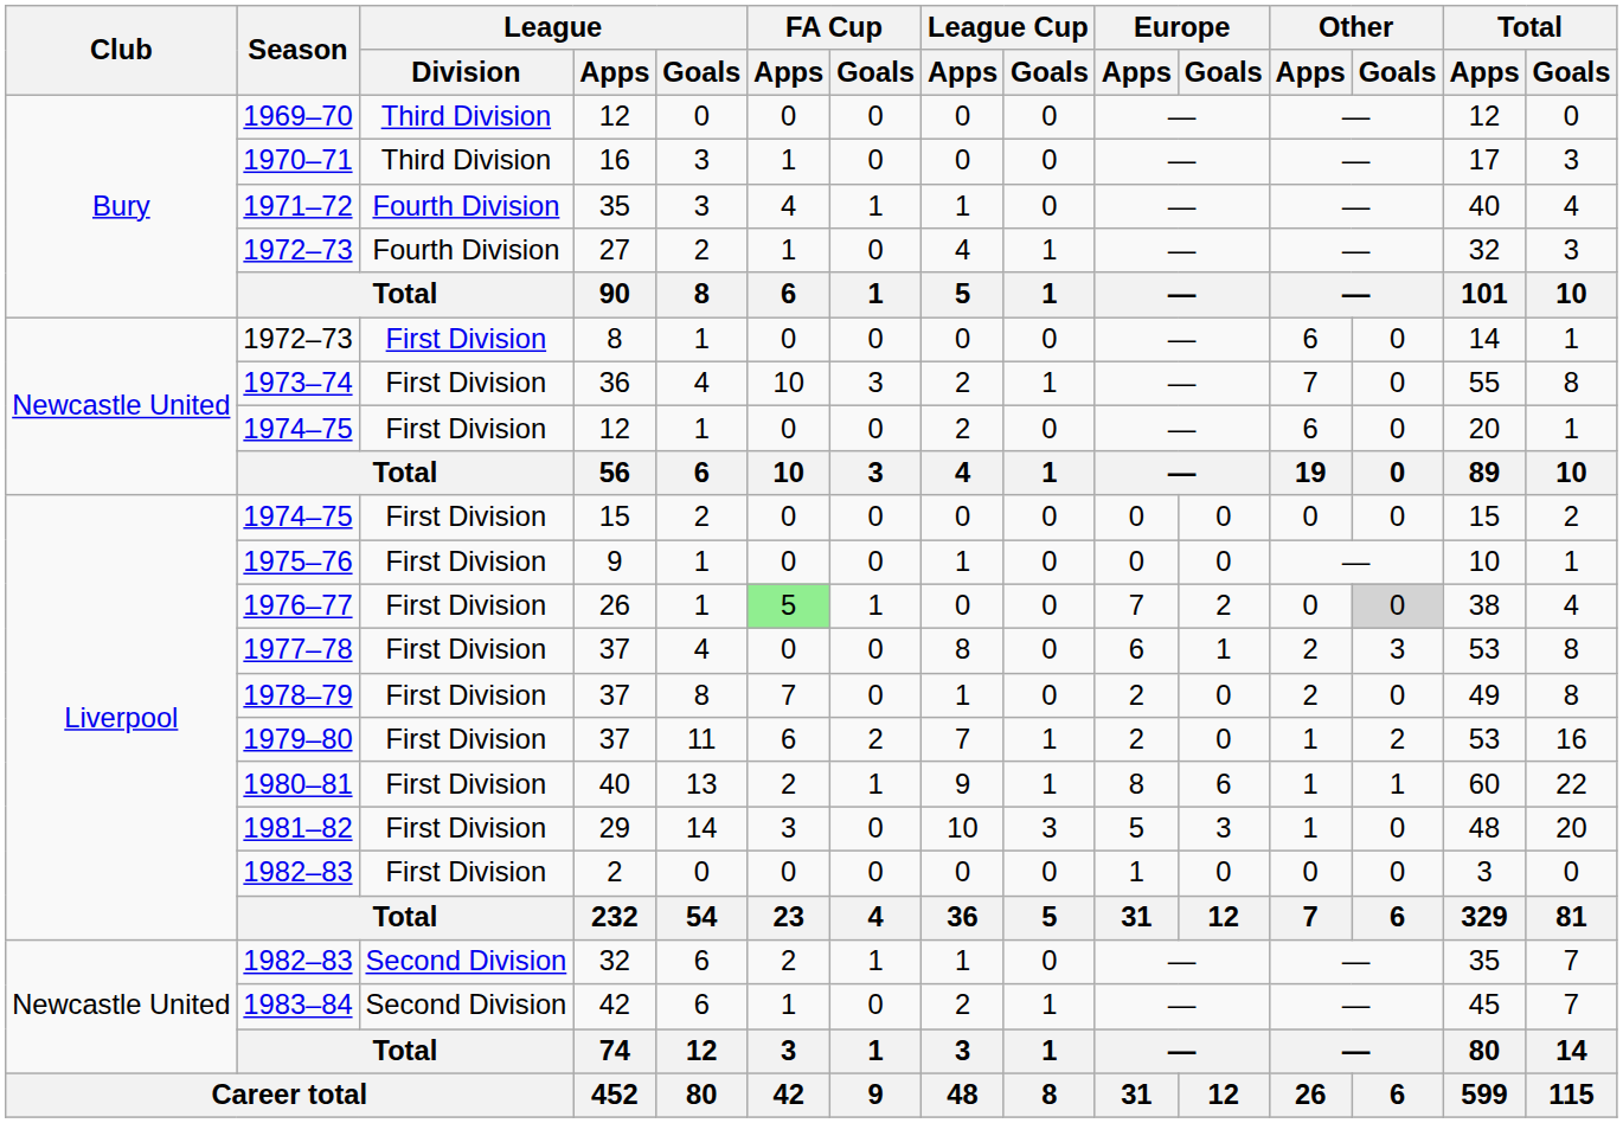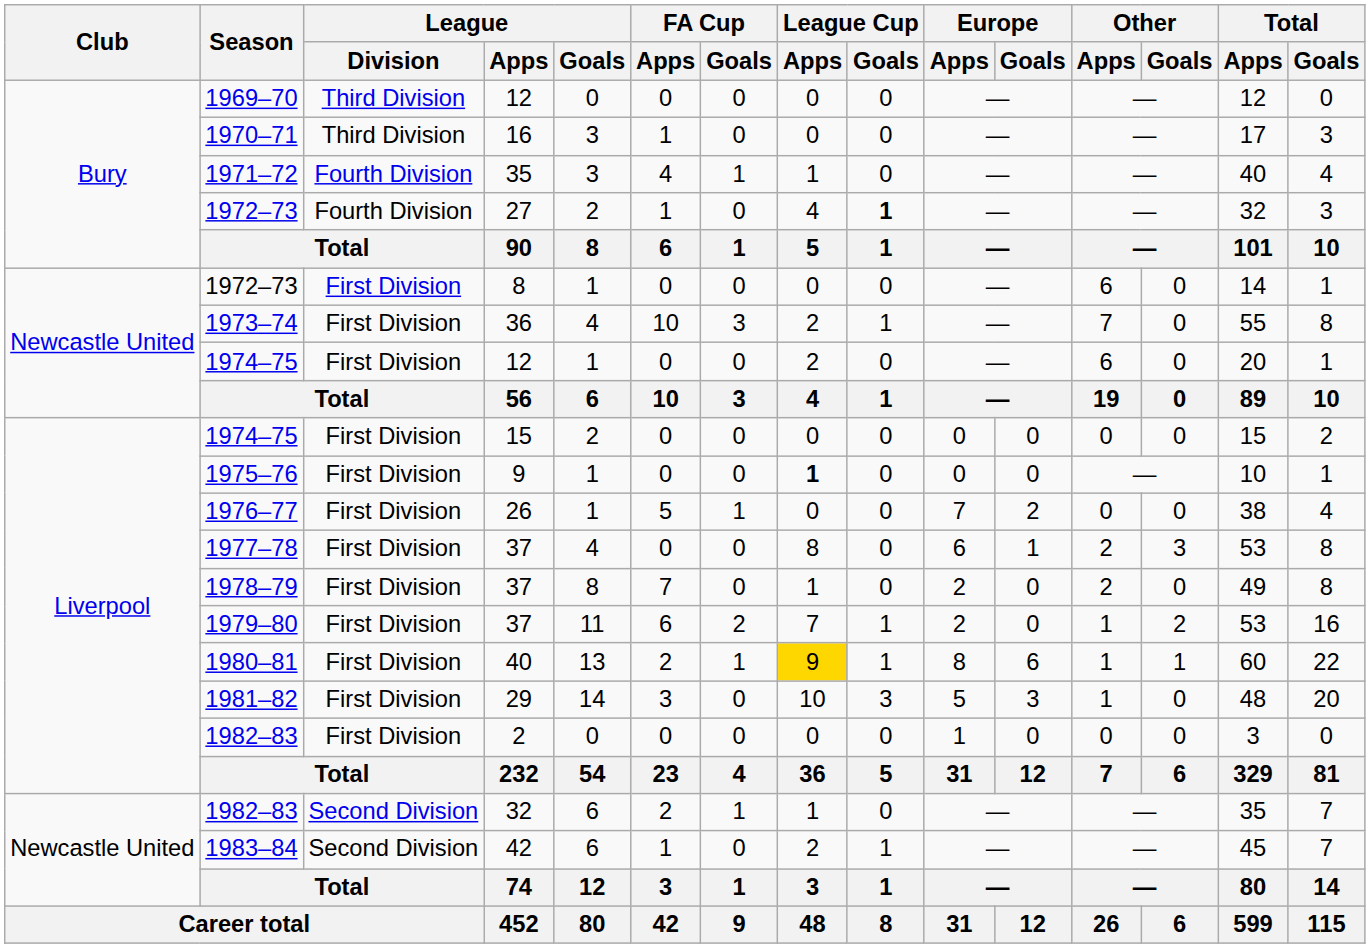 <table class="wikitable" style="text-align:center">
 <tr>
 <th rowspan="2">Club</th>
 <th rowspan="2">Season</th>
 <th colspan="3">League</th>
 <th colspan="2">FA Cup</th>
 <th colspan="2">League Cup</th>
 <th colspan="2">Europe</th>
 <th colspan="2">Other</th>
 <th colspan="2">Total</th>
 </tr>
 <tr>
 <th>Division</th>
 <th>Apps</th>
 <th>Goals</th>
 <th>Apps</th>
 <th>Goals</th>
 <th>Apps</th>
 <th>Goals</th>
 <th>Apps</th>
 <th>Goals</th>
 <th>Apps</th>
 <th>Goals</th>
 <th>Apps</th>
 <th>Goals</th>
 </tr>
 <tr>
 <td rowspan="5"><a href='#'>Bury</a></td>
 <td><a href='#'>1969–70</a></td>
 <td><a href='#'>Third Division</a></td>
 <td>12</td>
 <td>0</td>
 <td>0</td>
 <td>0</td>
 <td>0</td>
 <td>0</td>
 <td colspan="2">—</td>
 <td colspan="2">—</td>
 <td>12</td>
 <td>0</td>
 </tr>
 <tr>
 <td><a href='#'>1970–71</a></td>
 <td>Third Division</td>
 <td>16</td>
 <td>3</td>
 <td>1</td>
 <td>0</td>
 <td>0</td>
 <td>0</td>
 <td colspan="2">—</td>
 <td colspan="2">—</td>
 <td>17</td>
 <td>3</td>
 </tr>
 <tr>
 <td><a href='#'>1971–72</a></td>
 <td><a href='#'>Fourth Division</a></td>
 <td>35</td>
 <td>3</td>
 <td>4</td>
 <td>1</td>
 <td>1</td>
 <td>0</td>
 <td colspan="2">—</td>
 <td colspan="2">—</td>
 <td>40</td>
 <td>4</td>
 </tr>
 <tr>
 <td><a href='#'>1972–73</a></td>
 <td>Fourth Division</td>
 <td>27</td>
 <td>2</td>
 <td>1</td>
 <td>0</td>
 <td>4</td>
-<td>1</td>
+<td><strong>1</strong></td>
 <td colspan="2">—</td>
 <td colspan="2">—</td>
 <td>32</td>
 <td>3</td>
 </tr>
 <tr>
 <th colspan="2">Total</th>
 <th>90</th>
 <th>8</th>
 <th>6</th>
 <th>1</th>
 <th>5</th>
 <th>1</th>
 <th colspan="2">—</th>
 <th colspan="2">—</th>
 <th>101</th>
 <th>10</th>
 </tr>
 <tr>
 <td rowspan="4"><a href='#'>Newcastle United</a></td>
 <td>1972–73</td>
 <td><a href='#'>First Division</a></td>
 <td>8</td>
 <td>1</td>
 <td>0</td>
 <td>0</td>
 <td>0</td>
 <td>0</td>
 <td colspan="2">—</td>
 <td>6</td>
 <td>0</td>
 <td>14</td>
 <td>1</td>
 </tr>
 <tr>
 <td><a href='#'>1973–74</a></td>
 <td>First Division</td>
 <td>36</td>
 <td>4</td>
 <td>10</td>
 <td>3</td>
 <td>2</td>
 <td>1</td>
 <td colspan="2">—</td>
 <td>7</td>
 <td>0</td>
 <td>55</td>
 <td>8</td>
 </tr>
 <tr>
 <td><a href='#'>1974–75</a></td>
 <td>First Division</td>
 <td>12</td>
 <td>1</td>
 <td>0</td>
 <td>0</td>
 <td>2</td>
 <td>0</td>
 <td colspan="2">—</td>
 <td>6</td>
 <td>0</td>
 <td>20</td>
 <td>1</td>
 </tr>
 <tr>
 <th colspan="2">Total</th>
 <th>56</th>
 <th>6</th>
 <th>10</th>
 <th>3</th>
 <th>4</th>
 <th>1</th>
 <th colspan="2">—</th>
 <th>19</th>
 <th>0</th>
 <th>89</th>
 <th>10</th>
 </tr>
 <tr>
 <td rowspan="10"><a href='#'>Liverpool</a></td>
 <td><a href='#'>1974–75</a></td>
 <td>First Division</td>
 <td>15</td>
 <td>2</td>
 <td>0</td>
 <td>0</td>
 <td>0</td>
 <td>0</td>
 <td>0</td>
 <td>0</td>
 <td>0</td>
 <td>0</td>
 <td>15</td>
 <td>2</td>
 </tr>
 <tr>
 <td><a href='#'>1975–76</a></td>
 <td>First Division</td>
 <td>9</td>
 <td>1</td>
 <td>0</td>
 <td>0</td>
-<td>1</td>
+<td><strong>1</strong></td>
 <td>0</td>
 <td>0</td>
 <td>0</td>
 <td colspan="2">—</td>
 <td>10</td>
 <td>1</td>
 </tr>
 <tr>
 <td><a href='#'>1976–77</a></td>
 <td>First Division</td>
 <td>26</td>
 <td>1</td>
-<td style="background: lightgreen;">5</td>
+<td>5</td>
 <td>1</td>
 <td>0</td>
 <td>0</td>
 <td>7</td>
 <td>2</td>
 <td>0</td>
-<td style="background: lightgrey;">0</td>
+<td>0</td>
 <td>38</td>
 <td>4</td>
 </tr>
 <tr>
 <td><a href='#'>1977–78</a></td>
 <td>First Division</td>
 <td>37</td>
 <td>4</td>
 <td>0</td>
 <td>0</td>
 <td>8</td>
 <td>0</td>
 <td>6</td>
 <td>1</td>
 <td>2</td>
 <td>3</td>
 <td>53</td>
 <td>8</td>
 </tr>
 <tr>
 <td><a href='#'>1978–79</a></td>
 <td>First Division</td>
 <td>37</td>
 <td>8</td>
 <td>7</td>
 <td>0</td>
 <td>1</td>
 <td>0</td>
 <td>2</td>
 <td>0</td>
 <td>2</td>
 <td>0</td>
 <td>49</td>
 <td>8</td>
 </tr>
 <tr>
 <td><a href='#'>1979–80</a></td>
 <td>First Division</td>
 <td>37</td>
 <td>11</td>
 <td>6</td>
 <td>2</td>
 <td>7</td>
 <td>1</td>
 <td>2</td>
 <td>0</td>
 <td>1</td>
 <td>2</td>
 <td>53</td>
 <td>16</td>
 </tr>
 <tr>
 <td><a href='#'>1980–81</a></td>
 <td>First Division</td>
 <td>40</td>
 <td>13</td>
 <td>2</td>
 <td>1</td>
-<td>9</td>
+<td style="background: gold;">9</td>
 <td>1</td>
 <td>8</td>
 <td>6</td>
 <td>1</td>
 <td>1</td>
 <td>60</td>
 <td>22</td>
 </tr>
 <tr>
 <td><a href='#'>1981–82</a></td>
 <td>First Division</td>
 <td>29</td>
 <td>14</td>
 <td>3</td>
 <td>0</td>
 <td>10</td>
 <td>3</td>
 <td>5</td>
 <td>3</td>
 <td>1</td>
 <td>0</td>
 <td>48</td>
 <td>20</td>
 </tr>
 <tr>
 <td><a href='#'>1982–83</a></td>
 <td>First Division</td>
 <td>2</td>
 <td>0</td>
 <td>0</td>
 <td>0</td>
 <td>0</td>
 <td>0</td>
 <td>1</td>
 <td>0</td>
 <td>0</td>
 <td>0</td>
 <td>3</td>
 <td>0</td>
 </tr>
 <tr>
 <th colspan="2">Total</th>
 <th>232</th>
 <th>54</th>
 <th>23</th>
 <th>4</th>
 <th>36</th>
 <th>5</th>
 <th>31</th>
 <th>12</th>
 <th>7</th>
 <th>6</th>
 <th>329</th>
 <th>81</th>
 </tr>
 <tr>
 <td rowspan="3">Newcastle United</td>
 <td><a href='#'>1982–83</a></td>
 <td><a href='#'>Second Division</a></td>
 <td>32</td>
 <td>6</td>
 <td>2</td>
 <td>1</td>
 <td>1</td>
 <td>0</td>
 <td colspan="2">—</td>
 <td colspan="2">—</td>
 <td>35</td>
 <td>7</td>
 </tr>
 <tr>
 <td><a href='#'>1983–84</a></td>
 <td>Second Division</td>
 <td>42</td>
 <td>6</td>
 <td>1</td>
 <td>0</td>
 <td>2</td>
 <td>1</td>
 <td colspan="2">—</td>
 <td colspan="2">—</td>
 <td>45</td>
 <td>7</td>
 </tr>
 <tr>
 <th colspan="2">Total</th>
 <th>74</th>
 <th>12</th>
 <th>3</th>
 <th>1</th>
 <th>3</th>
 <th>1</th>
 <th colspan="2">—</th>
 <th colspan="2">—</th>
 <th>80</th>
 <th>14</th>
 </tr>
 <tr>
 <th colspan="3">Career total</th>
 <th>452</th>
 <th>80</th>
 <th>42</th>
 <th>9</th>
 <th>48</th>
 <th>8</th>
 <th>31</th>
 <th>12</th>
 <th>26</th>
 <th>6</th>
 <th>599</th>
 <th>115</th>
 </tr>
 </table>
